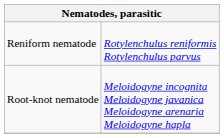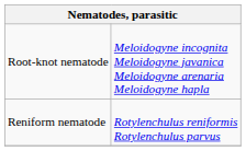 <table class="wikitable" style="clear">
 <tr>
 <th colspan=2><strong>Nematodes, parasitic</strong><br></th>
+</tr>
+<tr>
+<td>Root-knot nematode</td>
+<td><br><em><a href='#'>Meloidogyne incognita</a></em><br> <em><a href='#'>Meloidogyne javanica</a></em><br> <em><a href='#'>Meloidogyne arenaria</a></em><br> <em><a href='#'>Meloidogyne hapla</a></em></td>
 </tr>
 <tr>
 <td>Reniform nematode</td>
 <td><br><em><a href='#'>Rotylenchulus reniformis</a></em><br> <em><a href='#'>Rotylenchulus parvus</a></em></td>
 </tr>
 <tr>
-<td>Root-knot nematode</td>
-<td><br><em><a href='#'>Meloidogyne incognita</a></em><br> <em><a href='#'>Meloidogyne javanica</a></em><br> <em><a href='#'>Meloidogyne arenaria</a></em><br> <em><a href='#'>Meloidogyne hapla</a></em></td>
-</tr>
-<tr>
 </tr>
 </table>
